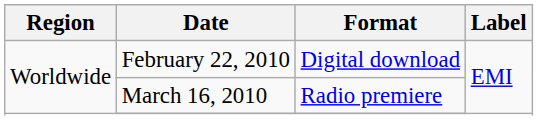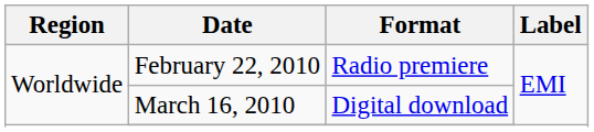 <table class=wikitable>
 <tr>
 <th>Region</th>
 <th>Date</th>
 <th>Format</th>
 <th>Label</th>
 </tr>
 <tr>
 <td rowspan="3">Worldwide</td>
 <td>February 22, 2010</td>
-<td><a href='#'>Digital download</a></td>
+<td><a href='#'>Radio premiere</a></td>
 <td rowspan="3"><a href='#'>EMI</a></td>
 </tr>
 <tr>
 <td>March 16, 2010</td>
-<td><a href='#'>Radio premiere</a></td>
+<td><a href='#'>Digital download</a></td>
 </tr>
 <tr>
 </tr>
 </table>
